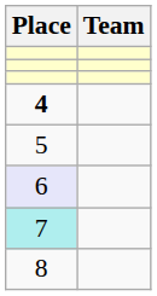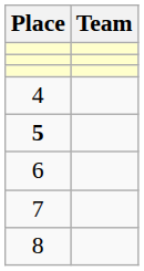 <table class="wikitable">
 <tr>
 <th>Place</th>
 <th>Team</th>
 </tr>
 <tr bgcolor=#ffffcc>
 <td align=center></td>
 <td></td>
 </tr>
 <tr bgcolor=#ffffcc>
 <td align=center></td>
 <td></td>
 </tr>
 <tr bgcolor=#ffffcc>
 <td align=center></td>
 <td></td>
 </tr>
 <tr>
-<td align=center><strong>4</strong></td>
+<td align=center>4</td>
 <td></td>
 </tr>
 <tr>
-<td align=center>5</td>
+<td align=center><strong>5</strong></td>
 <td></td>
 </tr>
 <tr>
-<td align=center style="background: lavender;">6</td>
+<td align=center>6</td>
 <td></td>
 </tr>
 <tr>
-<td align=center style="background: paleturquoise;">7</td>
+<td align=center>7</td>
 <td></td>
 </tr>
 <tr>
 <td align=center>8</td>
 <td></td>
 </tr>
 </table>
